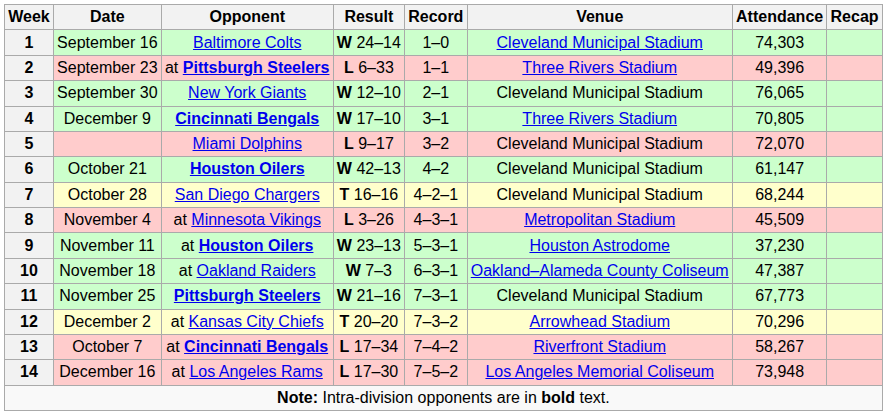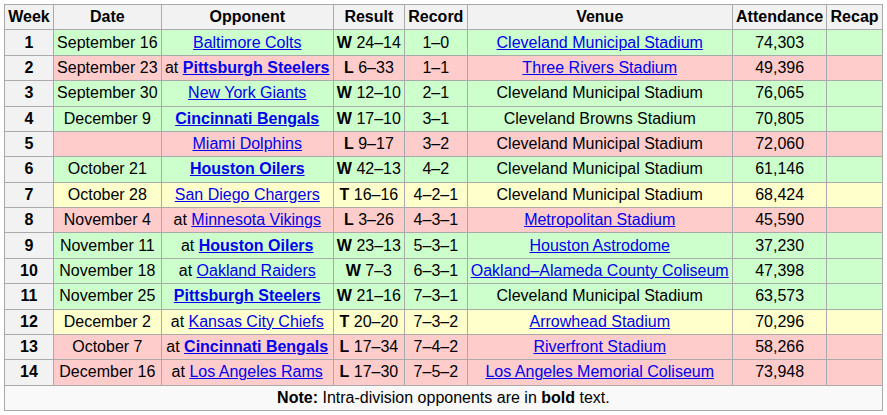 <table class="wikitable" style="text-align:center">
 <tr>
 <th>Week</th>
 <th>Date</th>
 <th>Opponent</th>
 <th>Result</th>
 <th>Record</th>
 <th>Venue</th>
 <th>Attendance</th>
 <th>Recap</th>
 </tr>
 <tr style="background:#cfc">
 <th>1</th>
 <td>September 16</td>
 <td><a href='#'>Baltimore Colts</a></td>
 <td><strong>W</strong> 24–14</td>
 <td>1–0</td>
 <td><a href='#'>Cleveland Municipal Stadium</a></td>
 <td>74,303</td>
 <td></td>
 </tr>
 <tr style="background:#fcc">
 <th>2</th>
 <td>September 23</td>
 <td>at <strong><a href='#'>Pittsburgh Steelers</a></strong></td>
 <td><strong>L</strong> 6–33</td>
 <td>1–1</td>
 <td><a href='#'>Three Rivers Stadium</a></td>
 <td>49,396</td>
 <td></td>
 </tr>
 <tr style="background:#cfc">
 <th>3</th>
 <td>September 30</td>
 <td><a href='#'>New York Giants</a></td>
 <td><strong>W</strong> 12–10</td>
 <td>2–1</td>
 <td>Cleveland Municipal Stadium</td>
 <td>76,065</td>
 <td></td>
 </tr>
 <tr style="background:#cfc">
 <th>4</th>
 <td>December 9</td>
 <td><strong><a href='#'>Cincinnati Bengals</a></strong></td>
 <td><strong>W</strong> 17–10</td>
 <td>3–1</td>
-<td><a href='#'>Three Rivers Stadium</a></td>
+<td>Cleveland Browns Stadium</td>
 <td>70,805</td>
 <td></td>
 </tr>
 <tr style="background:#fcc">
 <th>5</th>
 <td></td>
 <td><a href='#'>Miami Dolphins</a></td>
 <td><strong>L</strong> 9–17</td>
 <td>3–2</td>
 <td>Cleveland Municipal Stadium</td>
-<td>72,070</td>
+<td>72,060</td>
 <td></td>
 </tr>
 <tr style="background:#cfc">
 <th>6</th>
 <td>October 21</td>
 <td><strong><a href='#'>Houston Oilers</a></strong></td>
 <td><strong>W</strong> 42–13</td>
 <td>4–2</td>
 <td>Cleveland Municipal Stadium</td>
-<td>61,147</td>
+<td>61,146</td>
 <td></td>
 </tr>
 <tr style="background:#ffc">
 <th>7</th>
 <td>October 28</td>
 <td><a href='#'>San Diego Chargers</a></td>
 <td><strong>T</strong> 16–16</td>
 <td>4–2–1</td>
 <td>Cleveland Municipal Stadium</td>
-<td>68,244</td>
+<td>68,424</td>
 <td></td>
 </tr>
 <tr style="background:#fcc">
 <th>8</th>
 <td>November 4</td>
 <td>at <a href='#'>Minnesota Vikings</a></td>
 <td><strong>L</strong> 3–26</td>
 <td>4–3–1</td>
 <td><a href='#'>Metropolitan Stadium</a></td>
-<td>45,509</td>
+<td>45,590</td>
 <td></td>
 </tr>
 <tr style="background:#cfc">
 <th>9</th>
 <td>November 11</td>
 <td>at <strong><a href='#'>Houston Oilers</a></strong></td>
 <td><strong>W</strong> 23–13</td>
 <td>5–3–1</td>
 <td><a href='#'>Houston Astrodome</a></td>
 <td>37,230</td>
 <td></td>
 </tr>
 <tr style="background:#cfc">
 <th>10</th>
 <td>November 18</td>
 <td>at <a href='#'>Oakland Raiders</a></td>
 <td><strong>W</strong> 7–3</td>
 <td>6–3–1</td>
 <td><a href='#'>Oakland–Alameda County Coliseum</a></td>
-<td>47,387</td>
+<td>47,398</td>
 <td></td>
 </tr>
 <tr style="background:#cfc">
 <th>11</th>
 <td>November 25</td>
 <td><strong><a href='#'>Pittsburgh Steelers</a></strong></td>
 <td><strong>W</strong> 21–16</td>
 <td>7–3–1</td>
 <td>Cleveland Municipal Stadium</td>
-<td>67,773</td>
+<td>63,573</td>
 <td></td>
 </tr>
 <tr style="background:#ffc">
 <th>12</th>
 <td>December 2</td>
 <td>at <a href='#'>Kansas City Chiefs</a></td>
 <td><strong>T</strong> 20–20</td>
 <td>7–3–2</td>
 <td><a href='#'>Arrowhead Stadium</a></td>
 <td>70,296</td>
 <td></td>
 </tr>
 <tr style="background:#fcc">
 <th>13</th>
 <td>October 7</td>
 <td>at <strong><a href='#'>Cincinnati Bengals</a></strong></td>
 <td><strong>L</strong> 17–34</td>
 <td>7–4–2</td>
 <td><a href='#'>Riverfront Stadium</a></td>
-<td>58,267</td>
+<td>58,266</td>
 <td></td>
 </tr>
 <tr style="background:#fcc">
 <th>14</th>
 <td>December 16</td>
 <td>at <a href='#'>Los Angeles Rams</a></td>
 <td><strong>L</strong> 17–30</td>
 <td>7–5–2</td>
 <td><a href='#'>Los Angeles Memorial Coliseum</a></td>
 <td>73,948</td>
 <td></td>
 </tr>
 <tr>
 <td colspan="8"><strong>Note:</strong> Intra-division opponents are in <strong>bold</strong> text.</td>
 </tr>
 </table>
